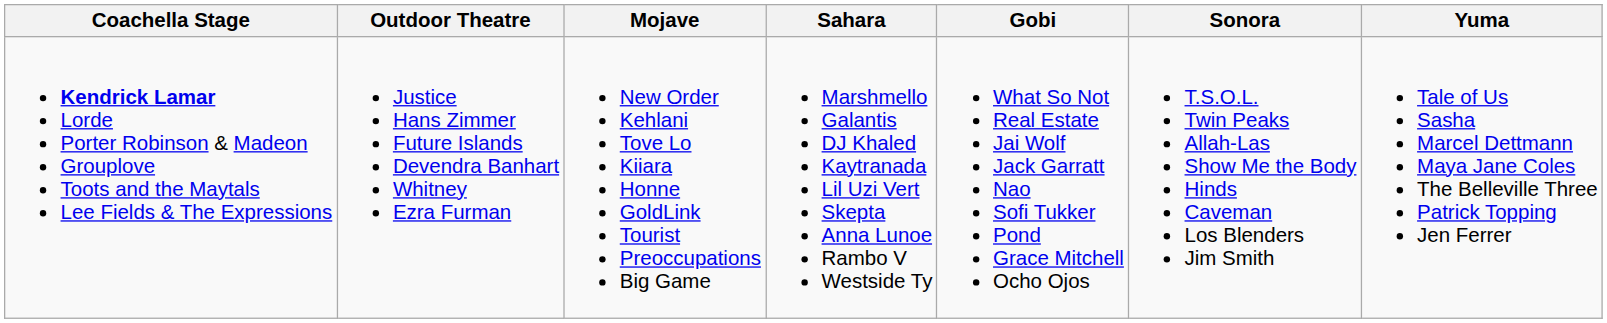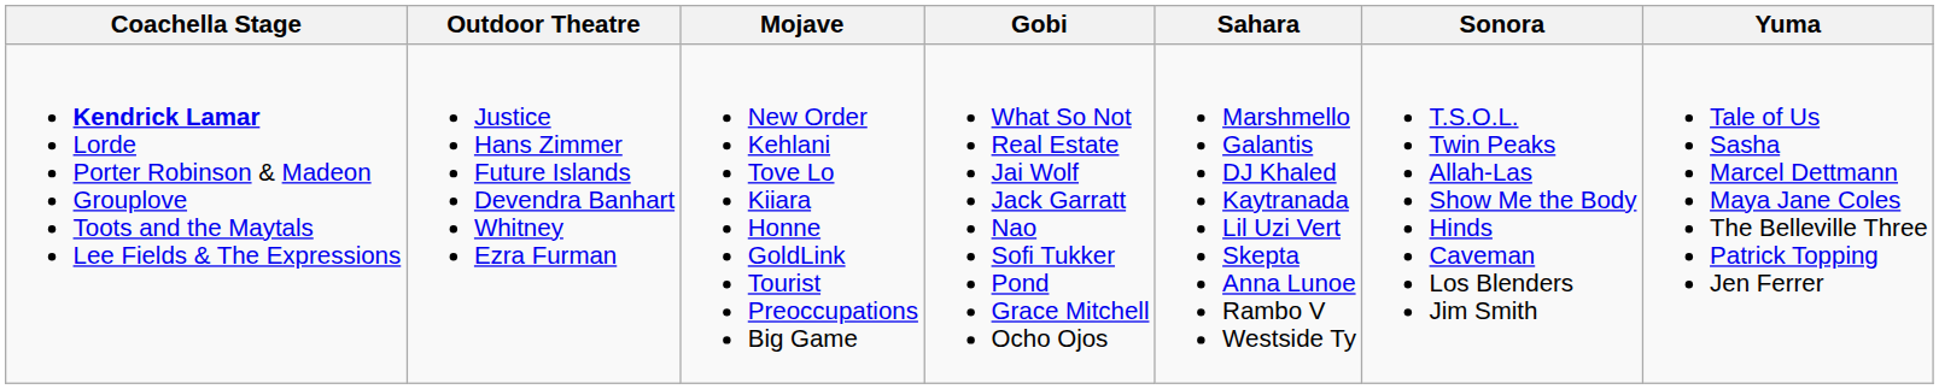 <table class="wikitable">
 <tr>
 <th>Coachella Stage</th>
 <th>Outdoor Theatre</th>
 <th>Mojave</th>
+<th>Gobi</th>
 <th>Sahara</th>
-<th>Gobi</th>
 <th>Sonora</th>
 <th>Yuma</th>
 </tr>
 <tr valign="top">
 <td><br><ul><li><strong><a href='#'>Kendrick Lamar</a></strong></li><li><a href='#'>Lorde</a></li><li><a href='#'>Porter Robinson</a> & <a href='#'>Madeon</a></li><li><a href='#'>Grouplove</a></li><li><a href='#'>Toots and the Maytals</a></li><li><a href='#'>Lee Fields & The Expressions</a></li></ul></td>
 <td><br><ul><li><a href='#'>Justice</a></li><li><a href='#'>Hans Zimmer</a></li><li><a href='#'>Future Islands</a></li><li><a href='#'>Devendra Banhart</a></li><li><a href='#'>Whitney</a></li><li><a href='#'>Ezra Furman</a></li></ul></td>
 <td><br><ul><li><a href='#'>New Order</a></li><li><a href='#'>Kehlani</a></li><li><a href='#'>Tove Lo</a></li><li><a href='#'>Kiiara</a></li><li><a href='#'>Honne</a></li><li><a href='#'>GoldLink</a></li><li><a href='#'>Tourist</a></li><li><a href='#'>Preoccupations</a></li><li>Big Game</li></ul></td>
+<td><br><ul><li><a href='#'>What So Not</a></li><li><a href='#'>Real Estate</a></li><li><a href='#'>Jai Wolf</a></li><li><a href='#'>Jack Garratt</a></li><li><a href='#'>Nao</a></li><li><a href='#'>Sofi Tukker</a></li><li><a href='#'>Pond</a></li><li><a href='#'>Grace Mitchell</a></li><li>Ocho Ojos</li></ul></td>
 <td><br><ul><li><a href='#'>Marshmello</a></li><li><a href='#'>Galantis</a></li><li><a href='#'>DJ Khaled</a></li><li><a href='#'>Kaytranada</a></li><li><a href='#'>Lil Uzi Vert</a></li><li><a href='#'>Skepta</a></li><li><a href='#'>Anna Lunoe</a></li><li>Rambo V</li><li>Westside Ty</li></ul></td>
-<td><br><ul><li><a href='#'>What So Not</a></li><li><a href='#'>Real Estate</a></li><li><a href='#'>Jai Wolf</a></li><li><a href='#'>Jack Garratt</a></li><li><a href='#'>Nao</a></li><li><a href='#'>Sofi Tukker</a></li><li><a href='#'>Pond</a></li><li><a href='#'>Grace Mitchell</a></li><li>Ocho Ojos</li></ul></td>
 <td><br><ul><li><a href='#'>T.S.O.L.</a></li><li><a href='#'>Twin Peaks</a></li><li><a href='#'>Allah-Las</a></li><li><a href='#'>Show Me the Body</a></li><li><a href='#'>Hinds</a></li><li><a href='#'>Caveman</a></li><li>Los Blenders</li><li>Jim Smith</li></ul></td>
 <td><br><ul><li><a href='#'>Tale of Us</a></li><li><a href='#'>Sasha</a></li><li><a href='#'>Marcel Dettmann</a></li><li><a href='#'>Maya Jane Coles</a></li><li>The Belleville Three</li><li><a href='#'>Patrick Topping</a></li><li>Jen Ferrer</li></ul></td>
 </tr>
 </table>
